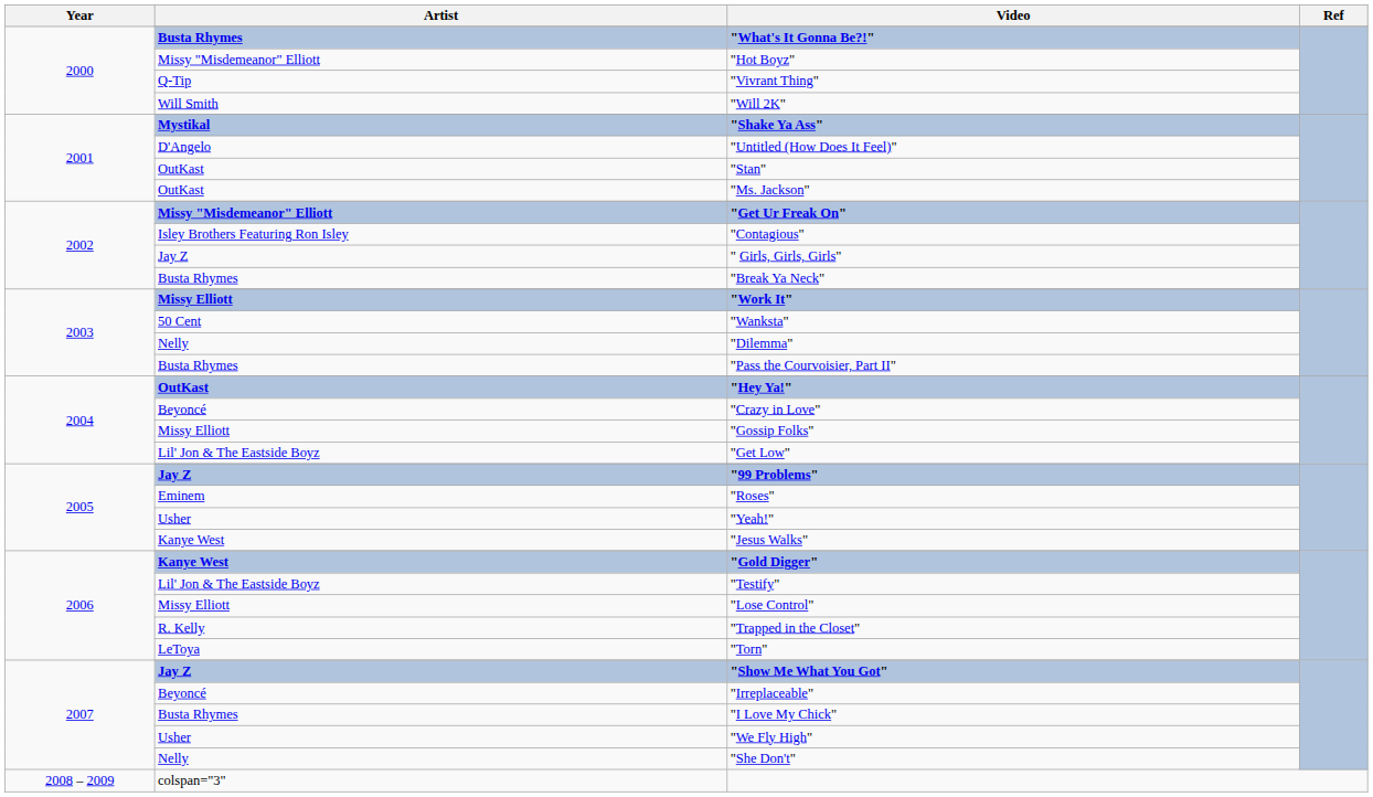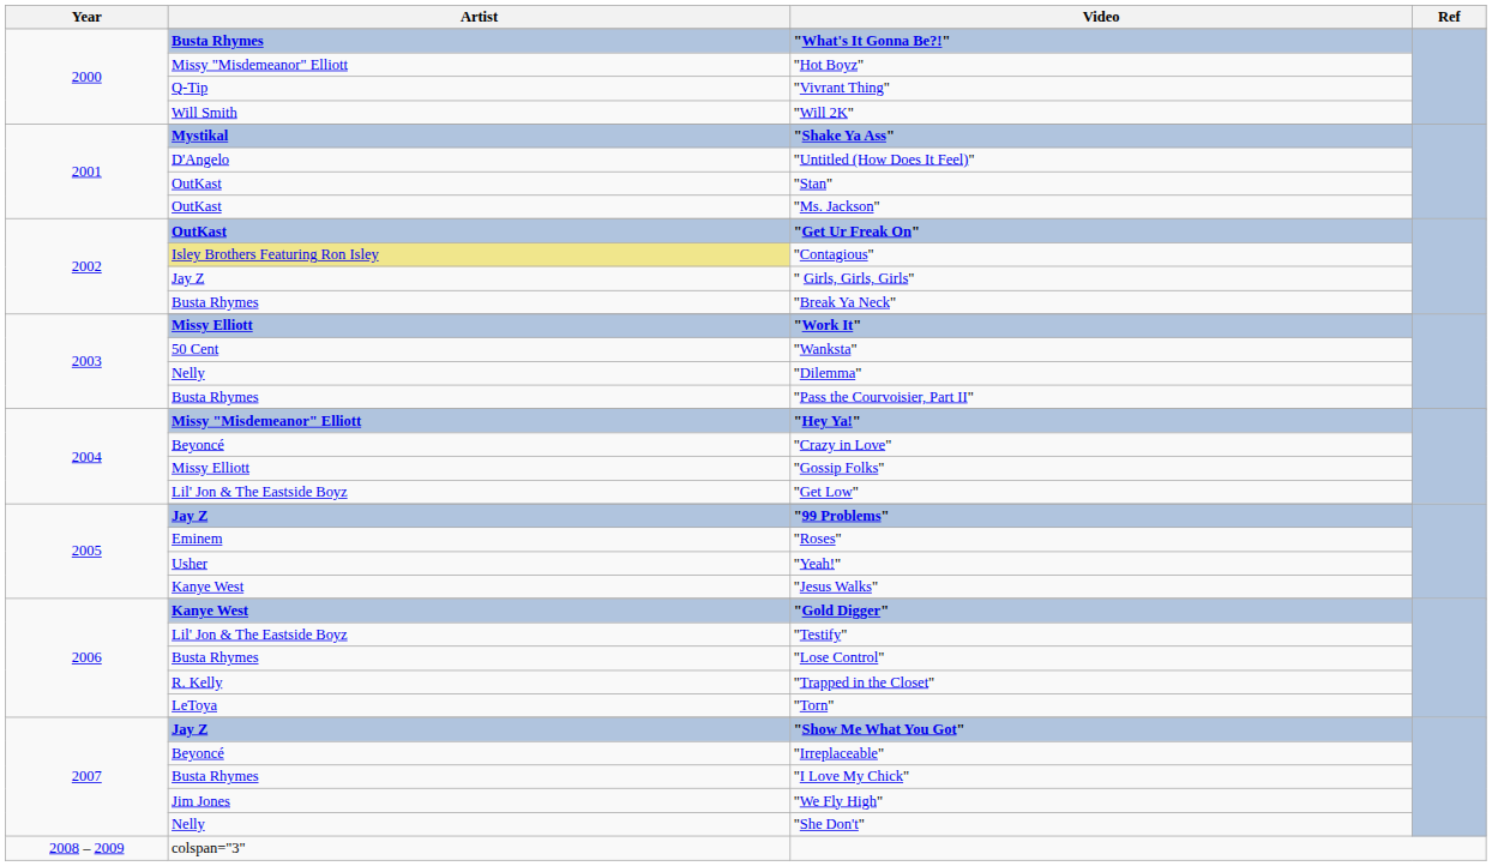 <table class="wikitable" style="width:100%;">
 <tr style="background:#bebebe;">
 <th style="width:11%;">Year</th>
 <th style="width:42%;">Artist</th>
 <th style="width:42%;">Video</th>
 <th style="width:5%;">Ref</th>
 </tr>
 <tr>
 <td rowspan="5" align="center"><a href='#'>2000</a></td>
 </tr>
 <tr style="background:#B0C4DE">
 <td><strong><a href='#'>Busta Rhymes</a> </strong></td>
 <td><strong>"<a href='#'>What's It Gonna Be?!</a>"</strong></td>
 <td rowspan="5" align="center"></td>
 </tr>
 <tr>
 <td><a href='#'>Missy "Misdemeanor" Elliott</a> </td>
 <td>"<a href='#'>Hot Boyz</a>"</td>
 </tr>
 <tr>
 <td><a href='#'>Q-Tip</a></td>
 <td>"<a href='#'>Vivrant Thing</a>"</td>
 </tr>
 <tr>
 <td><a href='#'>Will Smith</a></td>
 <td>"<a href='#'>Will 2K</a>"</td>
 </tr>
 <tr>
 <td rowspan="5" align="center"><a href='#'>2001</a></td>
 </tr>
 <tr style="background:#B0C4DE">
 <td><strong><a href='#'>Mystikal</a></strong></td>
 <td><strong>"<a href='#'>Shake Ya Ass</a>"</strong></td>
 <td rowspan="5" align="center"></td>
 </tr>
 <tr>
 <td><a href='#'>D'Angelo</a></td>
 <td>"<a href='#'>Untitled (How Does It Feel)</a>"</td>
 </tr>
 <tr>
 <td><a href='#'>OutKast</a></td>
 <td>"<a href='#'>Stan</a>"</td>
 </tr>
 <tr>
 <td><a href='#'>OutKast</a></td>
 <td>"<a href='#'>Ms. Jackson</a>"</td>
 </tr>
 <tr>
 <td rowspan="5" align="center"><a href='#'>2002</a></td>
 </tr>
 <tr style="background:#B0C4DE">
-<td><strong><a href='#'>Missy "Misdemeanor" Elliott</a></strong></td>
+<td><strong><a href='#'>OutKast</a></strong></td>
 <td><strong>"<a href='#'>Get Ur Freak On</a>"</strong></td>
 <td rowspan="5" align="center"></td>
 </tr>
 <tr>
-<td><a href='#'>Isley Brothers Featuring Ron Isley</a></td>
+<td style="background: khaki;"><a href='#'>Isley Brothers Featuring Ron Isley</a></td>
 <td>"<a href='#'>Contagious</a>"</td>
 </tr>
 <tr>
 <td><a href='#'>Jay Z</a></td>
 <td>" <a href='#'>Girls, Girls, Girls</a>"</td>
 </tr>
 <tr>
 <td><a href='#'>Busta Rhymes</a></td>
 <td>"<a href='#'>Break Ya Neck</a>"</td>
 </tr>
 <tr>
 <td rowspan="5" align="center"><a href='#'>2003</a></td>
 </tr>
 <tr style="background:#B0C4DE">
 <td><strong><a href='#'>Missy Elliott</a></strong></td>
 <td><strong>"<a href='#'>Work It</a>"</strong></td>
 <td rowspan="5" align="center"></td>
 </tr>
 <tr>
 <td><a href='#'>50 Cent</a></td>
 <td>"<a href='#'>Wanksta</a>"</td>
 </tr>
 <tr>
 <td><a href='#'>Nelly</a> </td>
 <td>"<a href='#'>Dilemma</a>"</td>
 </tr>
 <tr>
 <td><a href='#'>Busta Rhymes</a> </td>
 <td>"<a href='#'>Pass the Courvoisier, Part II</a>"</td>
 </tr>
 <tr>
 <td rowspan="5" align="center"><a href='#'>2004</a></td>
 </tr>
 <tr style="background:#B0C4DE">
-<td><strong><a href='#'>OutKast</a></strong></td>
+<td><strong><a href='#'>Missy "Misdemeanor" Elliott</a></strong></td>
 <td><strong>"<a href='#'>Hey Ya!</a>"</strong></td>
 <td rowspan="5" align="center"></td>
 </tr>
 <tr>
 <td><a href='#'>Beyoncé</a> </td>
 <td>"<a href='#'>Crazy in Love</a>"</td>
 </tr>
 <tr>
 <td><a href='#'>Missy Elliott</a> </td>
 <td>"<a href='#'>Gossip Folks</a>"</td>
 </tr>
 <tr>
 <td><a href='#'>Lil' Jon & The Eastside Boyz</a> </td>
 <td>"<a href='#'>Get Low</a>"</td>
 </tr>
 <tr>
 <td rowspan="5" align="center"><a href='#'>2005</a></td>
 </tr>
 <tr style="background:#B0C4DE">
 <td><strong><a href='#'>Jay Z</a></strong></td>
 <td><strong>"<a href='#'>99 Problems</a>"</strong></td>
 <td rowspan="5" align="center"></td>
 </tr>
 <tr>
 <td><a href='#'>Eminem</a></td>
 <td>"<a href='#'>Roses</a>"</td>
 </tr>
 <tr>
 <td><a href='#'>Usher</a> </td>
 <td>"<a href='#'>Yeah!</a>"</td>
 </tr>
 <tr>
 <td><a href='#'>Kanye West</a></td>
 <td>"<a href='#'>Jesus Walks</a>"</td>
 </tr>
 <tr>
 <td rowspan="6" align="center"><a href='#'>2006</a></td>
 </tr>
 <tr style="background:#B0C4DE">
 <td><strong><a href='#'>Kanye West</a> </strong></td>
 <td><strong>"<a href='#'>Gold Digger</a>"</strong></td>
 <td rowspan="6" align="center"></td>
 </tr>
 <tr>
 <td><a href='#'>Lil' Jon & The Eastside Boyz</a> </td>
 <td>"<a href='#'>Testify</a>"</td>
 </tr>
 <tr>
-<td><a href='#'>Missy Elliott</a> </td>
+<td><a href='#'>Busta Rhymes</a> </td>
 <td>"<a href='#'>Lose Control</a>"</td>
 </tr>
 <tr>
 <td><a href='#'>R. Kelly</a></td>
 <td>"<a href='#'>Trapped in the Closet</a>"</td>
 </tr>
 <tr>
 <td><a href='#'>LeToya</a></td>
 <td>"<a href='#'>Torn</a>"</td>
 </tr>
 <tr>
 <td rowspan="6" align="center"><a href='#'>2007</a></td>
 </tr>
 <tr style="background:#B0C4DE">
 <td><strong><a href='#'>Jay Z</a></strong></td>
 <td><strong>"<a href='#'>Show Me What You Got</a>"</strong></td>
 <td rowspan="5" align="center"></td>
 </tr>
 <tr>
 <td><a href='#'>Beyoncé</a></td>
 <td>"<a href='#'>Irreplaceable</a>"</td>
 </tr>
 <tr>
 <td><a href='#'>Busta Rhymes</a> </td>
 <td>"<a href='#'>I Love My Chick</a>"</td>
 </tr>
 <tr>
-<td><a href='#'>Usher</a> </td>
+<td><a href='#'>Jim Jones</a></td>
 <td>"<a href='#'>We Fly High</a>"</td>
 </tr>
 <tr>
 <td><a href='#'>Nelly</a> </td>
 <td>"<a href='#'>She Don't</a>"</td>
 </tr>
 <tr>
 <td align="center"><a href='#'>2008</a> – <a href='#'>2009</a></td>
 <td>colspan="3" </td>
 </tr>
 </table>
